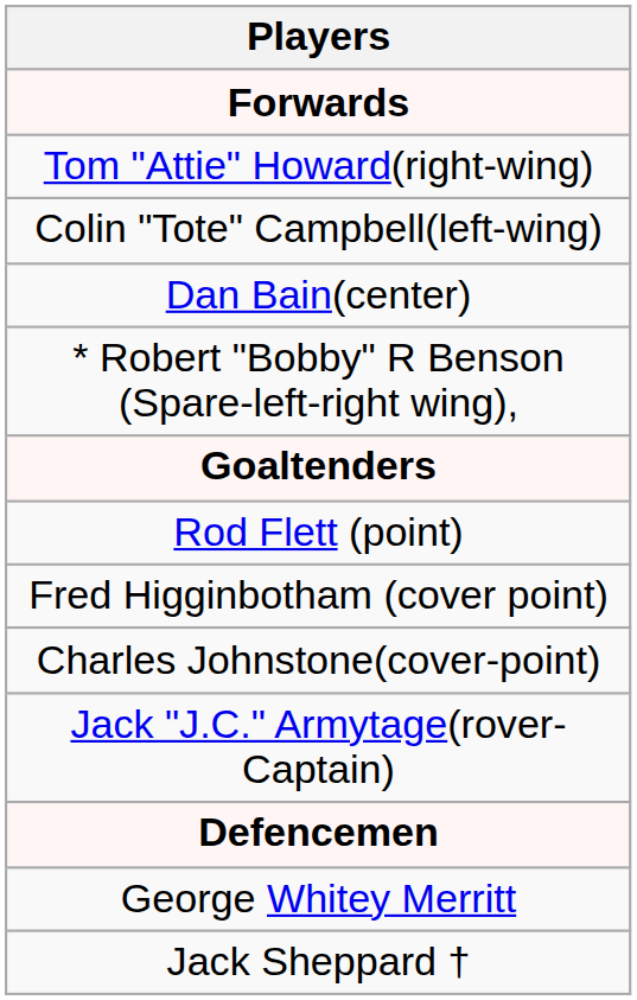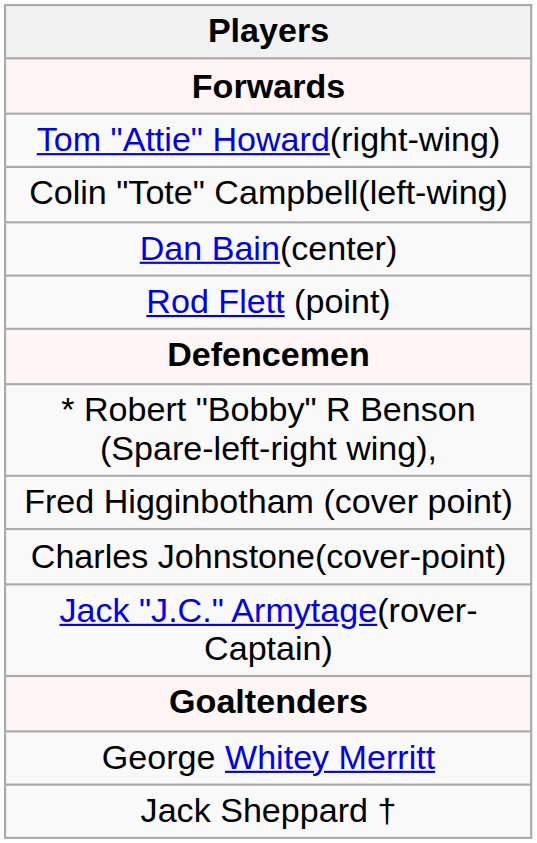 <table class="wikitable" style="text-align:center;">
 <tr>
 <th style="width: 240px;">Players</th>
 </tr>
 <tr style="font-weight:bold; background-color:#FFF5F5;">
 <td colspan="1" align="center"><strong>Forwards</strong></td>
 </tr>
 <tr>
 <td><a href='#'>Tom "Attie" Howard</a>(right-wing)</td>
 </tr>
 <tr>
 <td>Colin "Tote" Campbell(left-wing)</td>
 </tr>
 <tr>
 <td><a href='#'>Dan Bain</a>(center)</td>
 </tr>
 <tr>
-<td>* Robert "Bobby" R Benson (Spare-left-right wing),</td>
+<td><a href='#'>Rod Flett</a> (point)</td>
 </tr>
 <tr style="font-weight:bold; background-color:#FFF5F5;">
-<td colspan="1" align="center"><strong>Goaltenders</strong></td>
+<td colspan="1" align="center"><strong>Defencemen</strong></td>
 </tr>
 <tr>
-<td><a href='#'>Rod Flett</a> (point)</td>
+<td>* Robert "Bobby" R Benson (Spare-left-right wing),</td>
 </tr>
 <tr>
 <td>Fred Higginbotham (cover point)</td>
 </tr>
 <tr>
 <td>Charles Johnstone(cover-point)</td>
 </tr>
 <tr>
 <td><a href='#'>Jack "J.C." Armytage</a>(rover- Captain)</td>
 </tr>
 <tr style="font-weight:bold; background-color:#FFF5F5;">
-<td colspan="1" align="center"><strong>Defencemen</strong></td>
+<td colspan="1" align="center"><strong>Goaltenders</strong></td>
 </tr>
 <tr>
 <td>George <a href='#'>Whitey Merritt</a></td>
 </tr>
 <tr>
 <td>Jack Sheppard †</td>
 </tr>
 </table>
